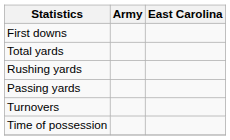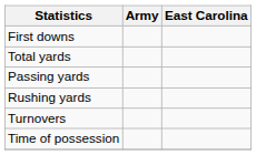 <table class="wikitable" style="float: left;">
 <tr>
 <th>Statistics</th>
 <th>Army</th>
 <th>East Carolina</th>
 </tr>
 <tr>
 <td>First downs</td>
 <td></td>
 <td></td>
 </tr>
 <tr>
 <td>Total yards</td>
 <td></td>
 <td></td>
 </tr>
 <tr>
-<td>Rushing yards</td>
+<td>Passing yards</td>
 <td></td>
 <td></td>
 </tr>
 <tr>
-<td>Passing yards</td>
+<td>Rushing yards</td>
 <td></td>
 <td></td>
 </tr>
 <tr>
 <td>Turnovers</td>
 <td></td>
 <td></td>
 </tr>
 <tr>
 <td>Time of possession</td>
 <td></td>
 <td></td>
 </tr>
 <tr>
 </tr>
 </table>
